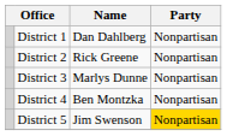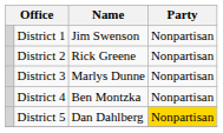 <table class="wikitable">
 <tr>
 <th colspan="2">Office</th>
 <th>Name</th>
 <th>Party</th>
 </tr>
 <tr>
 <td bgcolor=lightgray> </td>
 <td>District 1</td>
-<td>Dan Dahlberg</td>
+<td>Jim Swenson</td>
 <td>Nonpartisan</td>
 </tr>
 <tr>
 <td bgcolor=lightgray> </td>
 <td>District 2</td>
 <td>Rick Greene</td>
 <td>Nonpartisan</td>
 </tr>
 <tr>
 <td bgcolor=lightgray> </td>
 <td>District 3</td>
 <td>Marlys Dunne</td>
 <td>Nonpartisan</td>
 </tr>
 <tr>
 <td bgcolor=lightgray> </td>
 <td>District 4</td>
 <td>Ben Montzka</td>
 <td>Nonpartisan</td>
 </tr>
 <tr>
 <td bgcolor=lightgray> </td>
 <td>District 5</td>
-<td>Jim Swenson</td>
+<td>Dan Dahlberg</td>
 <td style="background: gold;">Nonpartisan</td>
 </tr>
 <tr>
 </tr>
 </table>
